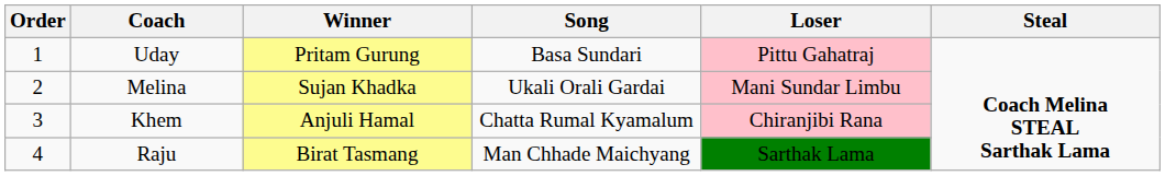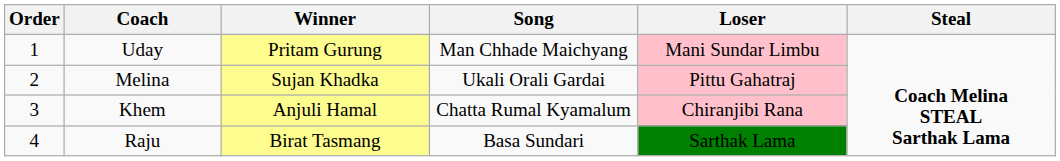 <table class="wikitable" style="text-align:center; width:100%;">
 <tr>
 <th scope="col" style="width:5%;">Order</th>
 <th scope="col" style="width:15%;">Coach</th>
 <th scope="col" style="width:20%;">Winner</th>
 <th scope="col" style="width:20%;">Song</th>
 <th scope="col" style="width:20%;">Loser</th>
 <th scope="col" style="width:20%;">Steal</th>
 </tr>
 <tr>
 <td scope="row">1</td>
 <td>Uday</td>
 <td style="background:#fdfc8f;">Pritam Gurung</td>
-<td>Basa Sundari</td>
-<td style="background:pink;">Pittu Gahatraj</td>
+<td>Man Chhade Maichyang</td>
+<td style="background:pink;">Mani Sundar Limbu</td>
 <td rowspan="4"><br><br> <strong>Coach Melina</strong> <br><strong>STEAL</strong> <br><strong>Sarthak Lama</strong></td>
 </tr>
 <tr>
 <td scope="row">2</td>
 <td>Melina</td>
 <td style="background:#fdfc8f;">Sujan Khadka</td>
 <td>Ukali Orali Gardai</td>
-<td style="background:pink;">Mani Sundar Limbu</td>
+<td style="background:pink;">Pittu Gahatraj</td>
 </tr>
 <tr>
 <td scope="row">3</td>
 <td>Khem</td>
 <td style="background:#fdfc8f;">Anjuli Hamal</td>
 <td>Chatta Rumal Kyamalum</td>
 <td style="background:pink;">Chiranjibi Rana</td>
 </tr>
 <tr>
 <td scope="row">4</td>
 <td>Raju</td>
 <td style="background:#fdfc8f;">Birat Tasmang</td>
-<td>Man Chhade Maichyang</td>
+<td>Basa Sundari</td>
 <td style="background:Green;">Sarthak Lama</td>
 </tr>
 </table>
